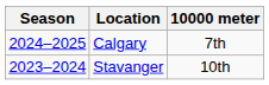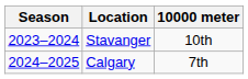 <table class="wikitable" style="display: inline-table;">
 <tr>
 <th>Season</th>
 <th>Location</th>
 <th colspan="1">10000 meter</th>
 </tr>
 <tr style="text-align:center">
+<td><a href='#'>2023–2024</a></td>
+<td align=left> <a href='#'>Stavanger</a></td>
+<td>10th</td>
+</tr>
+<tr style="text-align:center">
 <td><a href='#'>2024–2025</a></td>
 <td align=left> <a href='#'>Calgary</a></td>
 <td>7th</td>
 </tr>
-<tr style="text-align:center">
-<td><a href='#'>2023–2024</a></td>
-<td align=left> <a href='#'>Stavanger</a></td>
-<td>10th</td>
-</tr>
 </table>
